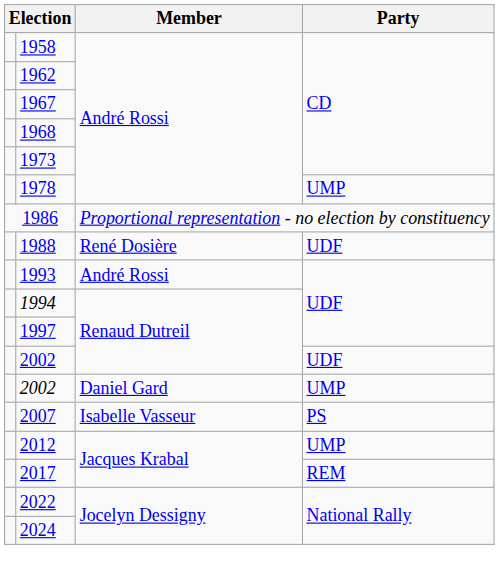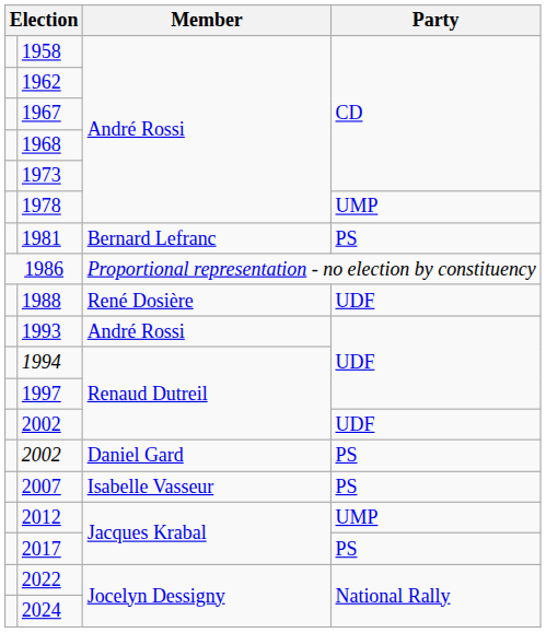 <table class="wikitable">
 <tr>
 <th colspan="2">Election</th>
 <th>Member</th>
 <th>Party</th>
 </tr>
 <tr>
 <td style="color:inherit;background-color: "></td>
 <td><a href='#'>1958</a></td>
 <td rowspan="6"><a href='#'>André Rossi</a></td>
 <td rowspan="5"><a href='#'>CD</a></td>
 </tr>
 <tr>
 <td style="color:inherit;background-color: "></td>
 <td><a href='#'>1962</a></td>
 </tr>
 <tr>
 <td style="color:inherit;background-color: "></td>
 <td><a href='#'>1967</a></td>
 </tr>
 <tr>
 <td style="color:inherit;background-color: "></td>
 <td><a href='#'>1968</a></td>
 </tr>
 <tr>
 <td style="color:inherit;background-color: "></td>
 <td><a href='#'>1973</a></td>
 </tr>
 <tr>
 <td style="color:inherit;background-color: "></td>
 <td><a href='#'>1978</a></td>
 <td><a href='#'>UMP</a></td>
+</tr>
+<tr>
+<td style="color:inherit;background-color: "></td>
+<td><a href='#'>1981</a></td>
+<td><a href='#'>Bernard Lefranc</a></td>
+<td><a href='#'>PS</a></td>
 </tr>
 <tr>
 <td colspan="2" align="center"><a href='#'>1986</a></td>
 <td colspan="2"><em><a href='#'>Proportional representation</a> - no election by constituency</em></td>
 </tr>
 <tr>
 <td style="color:inherit;background-color: "></td>
 <td><a href='#'>1988</a></td>
 <td><a href='#'>René Dosière</a></td>
 <td><a href='#'>UDF</a></td>
 </tr>
 <tr>
 <td style="color:inherit;background-color: "></td>
 <td><a href='#'>1993</a></td>
 <td><a href='#'>André Rossi</a></td>
 <td rowspan="3"><a href='#'>UDF</a></td>
 </tr>
 <tr>
 <td style="color:inherit;background-color: "></td>
 <td><em>1994</em></td>
 <td rowspan="3"><a href='#'>Renaud Dutreil</a></td>
 </tr>
 <tr>
 <td style="color:inherit;background-color: "></td>
 <td><a href='#'>1997</a></td>
 </tr>
 <tr>
 <td style="color:inherit;background-color: "></td>
 <td><a href='#'>2002</a></td>
 <td><a href='#'>UDF</a></td>
 </tr>
 <tr>
 <td style="color:inherit;background-color: "></td>
 <td><em>2002</em></td>
 <td><a href='#'>Daniel Gard</a></td>
-<td><a href='#'>UMP</a></td>
+<td><a href='#'>PS</a></td>
 </tr>
 <tr>
 <td style="color:inherit;background-color: "></td>
 <td><a href='#'>2007</a></td>
 <td><a href='#'>Isabelle Vasseur</a></td>
 <td><a href='#'>PS</a></td>
 </tr>
 <tr>
 <td style="color:inherit;background-color: "></td>
 <td><a href='#'>2012</a></td>
 <td rowspan="2"><a href='#'>Jacques Krabal</a></td>
 <td><a href='#'>UMP</a></td>
 </tr>
 <tr>
 <td style="color:inherit;background-color: "></td>
 <td><a href='#'>2017</a></td>
-<td><a href='#'>REM</a></td>
+<td><a href='#'>PS</a></td>
 </tr>
 <tr>
 <td style="color:inherit;background-color: "></td>
 <td><a href='#'>2022</a></td>
 <td rowspan="2”"><a href='#'>Jocelyn Dessigny</a></td>
 <td rowspan="2"><a href='#'>National Rally</a></td>
 </tr>
 <tr>
 <td style="color:inherit;background-color: "></td>
 <td><a href='#'>2024</a></td>
 </tr>
 </table>
